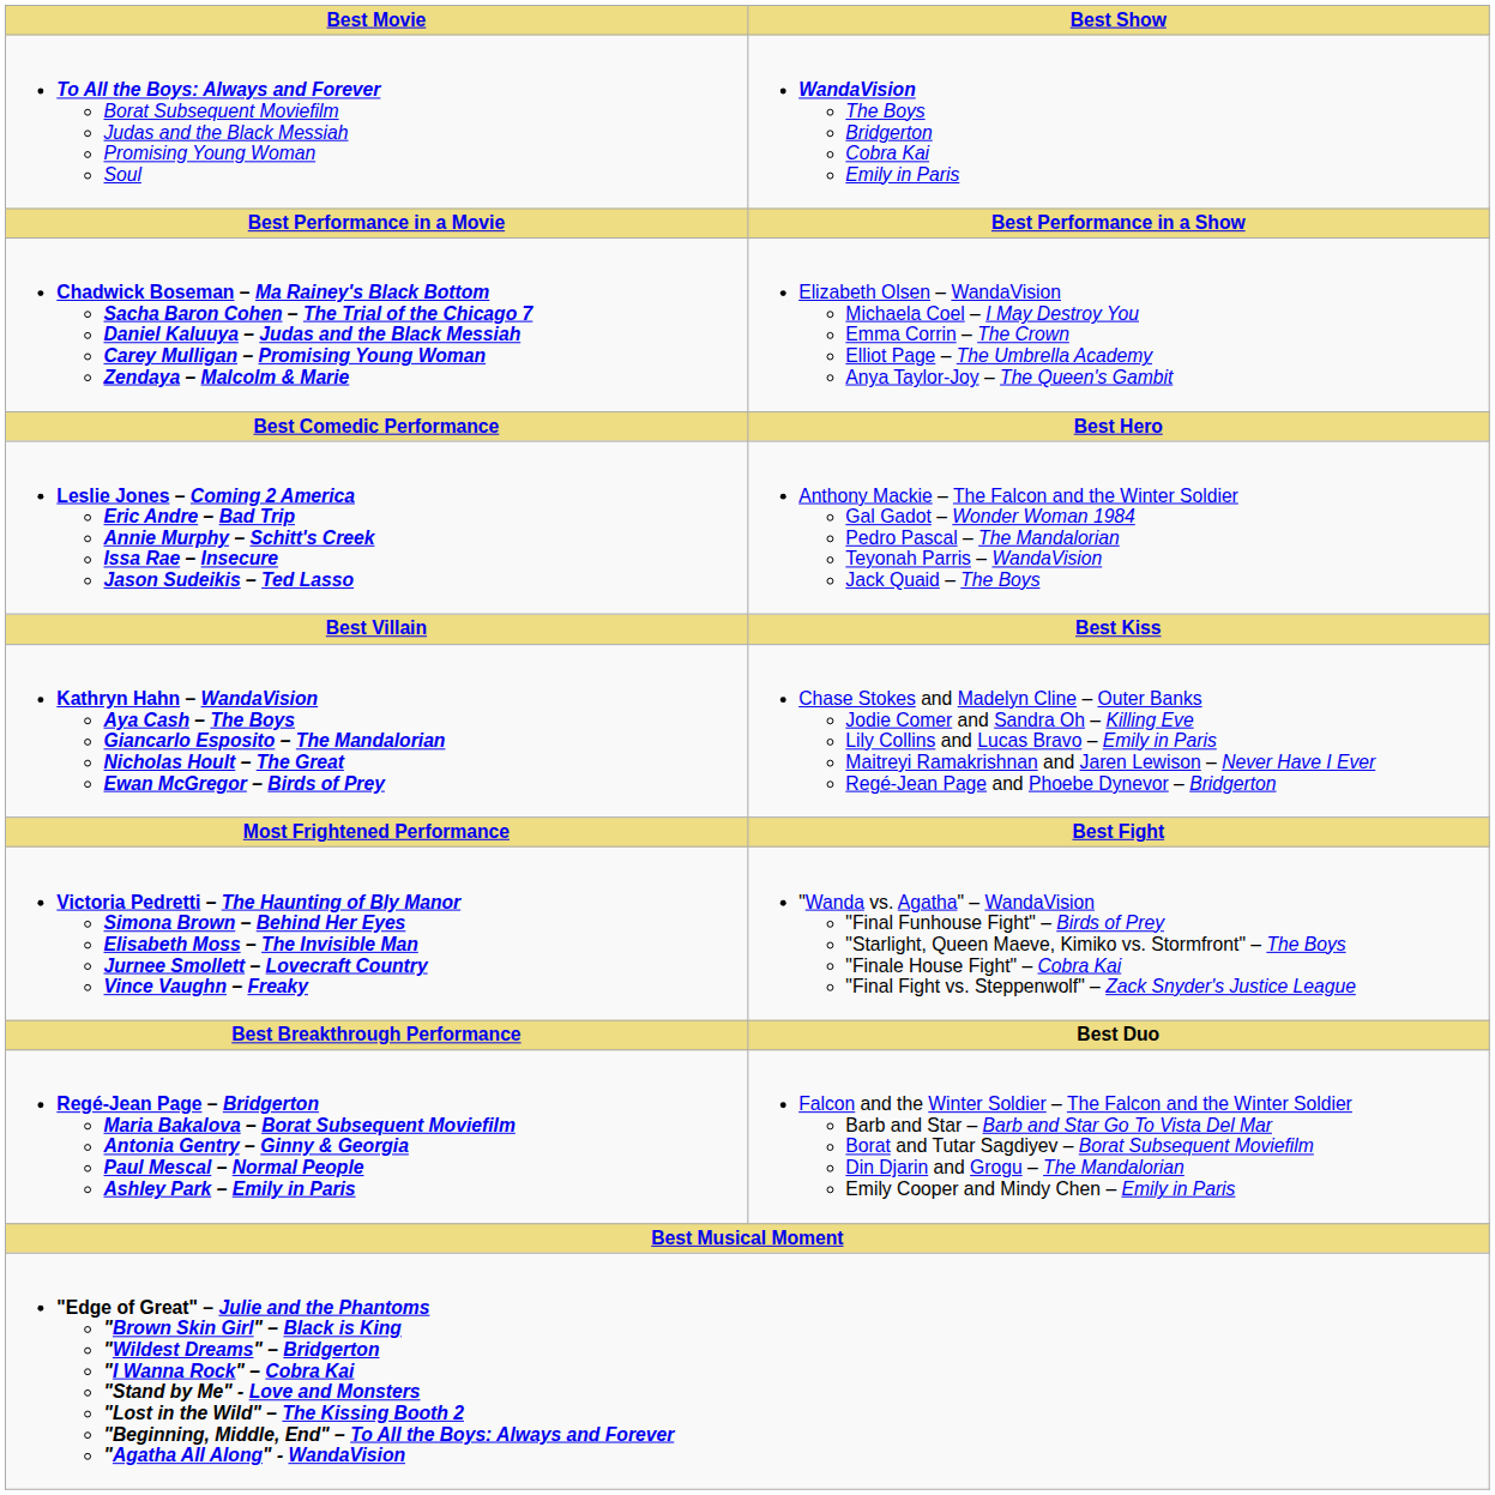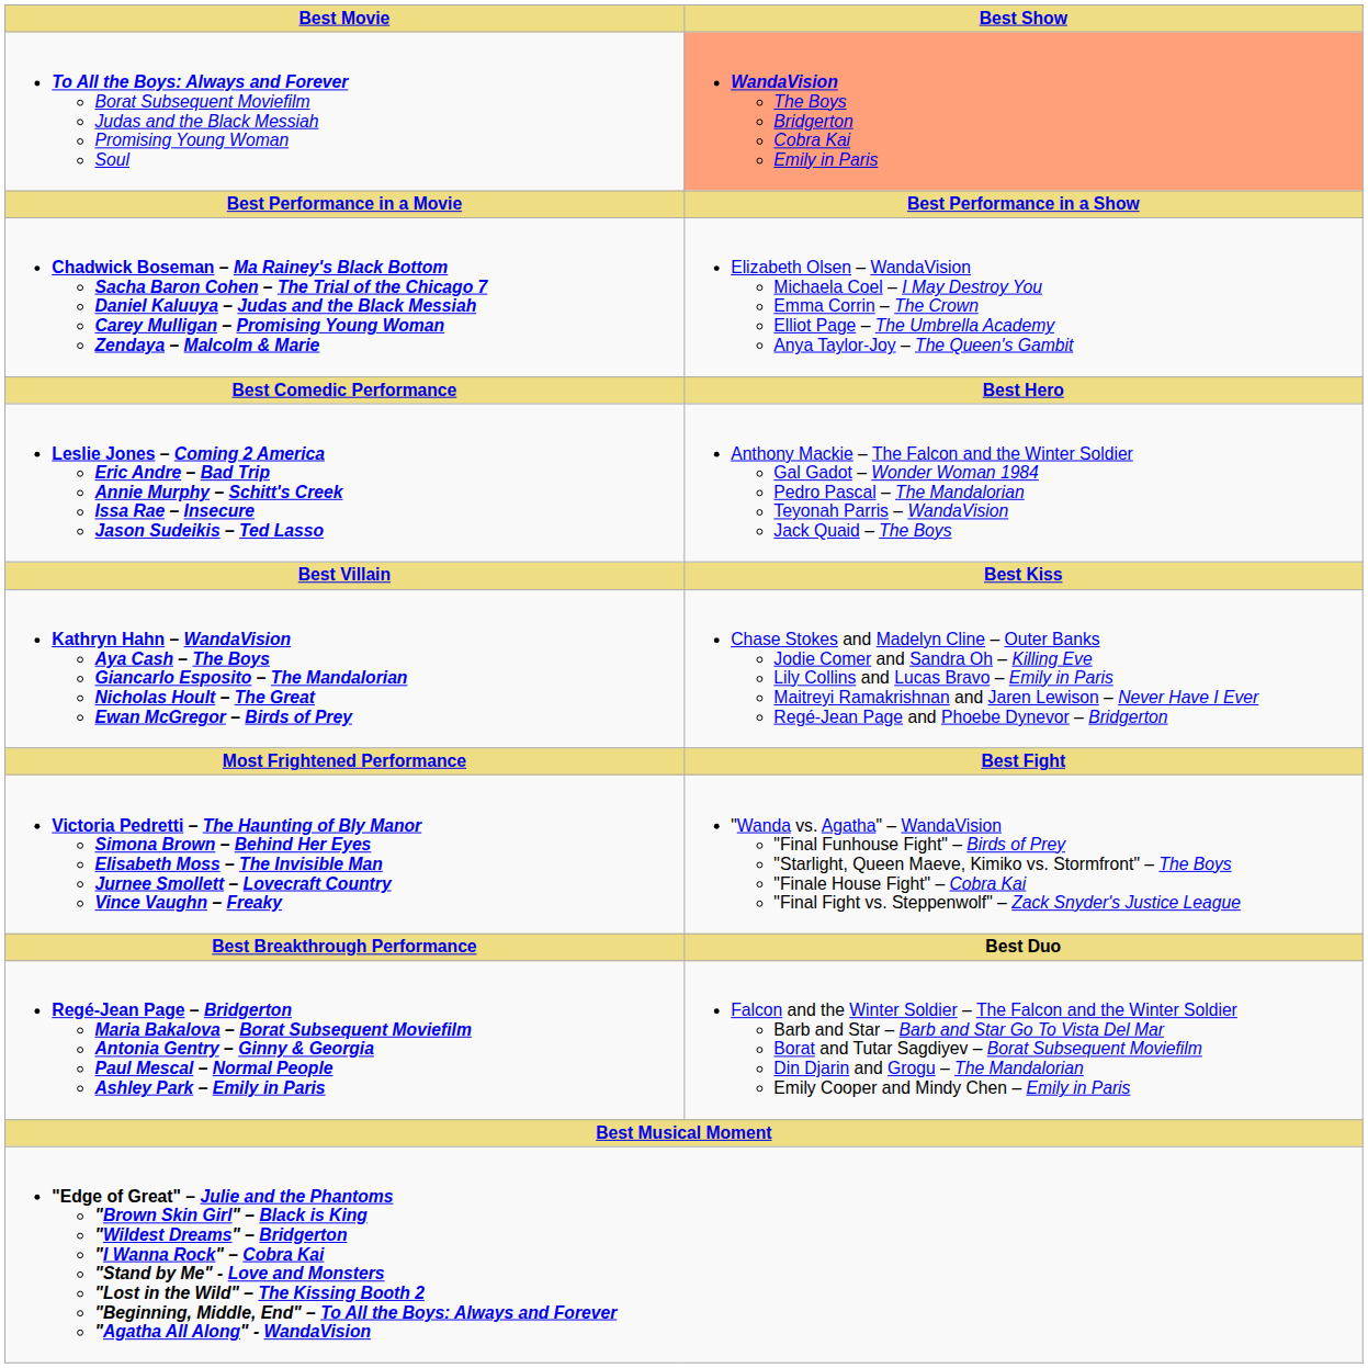 <table class="wikitable" style="width:100%">
 <tr>
 <th style="background:#EEDD82; width:50%"><a href='#'>Best Movie</a></th>
 <th style="background:#EEDD82; width:50%"><a href='#'>Best Show</a></th>
 </tr>
 <tr>
 <td valign="top"><br><ul><li><strong><em><a href='#'>To All the Boys: Always and Forever</a></em></strong><ul><li><em><a href='#'>Borat Subsequent Moviefilm</a></em></li><li><em><a href='#'>Judas and the Black Messiah</a></em></li><li><em><a href='#'>Promising Young Woman</a></em></li><li><em><a href='#'>Soul</a></em></li></ul></li></ul></td>
-<td valign="top"><br><ul><li><strong><em><a href='#'>WandaVision</a></em></strong><ul><li><em><a href='#'>The Boys</a></em></li><li><em><a href='#'>Bridgerton</a></em></li><li><em><a href='#'>Cobra Kai</a></em></li><li><em><a href='#'>Emily in Paris</a></em></li></ul></li></ul></td>
+<td valign="top" style="background: lightsalmon;"><br><ul><li><strong><em><a href='#'>WandaVision</a></em></strong><ul><li><em><a href='#'>The Boys</a></em></li><li><em><a href='#'>Bridgerton</a></em></li><li><em><a href='#'>Cobra Kai</a></em></li><li><em><a href='#'>Emily in Paris</a></em></li></ul></li></ul></td>
 </tr>
 <tr>
 <th style="background:#EEDD82; width:50%"><a href='#'>Best Performance in a Movie</a></th>
 <th style="background:#EEDD82; width:50%"><a href='#'>Best Performance in a Show</a></th>
 </tr>
 <tr>
 <td valign="top"><br><ul><li><strong><a href='#'>Chadwick Boseman</a> – <em><a href='#'>Ma Rainey's Black Bottom</a><strong><em><ul><li><a href='#'>Sacha Baron Cohen</a> – </em><a href='#'>The Trial of the Chicago 7</a><em></li><li><a href='#'>Daniel Kaluuya</a> – </em><a href='#'>Judas and the Black Messiah</a><em></li><li><a href='#'>Carey Mulligan</a> – </em><a href='#'>Promising Young Woman</a><em></li><li><a href='#'>Zendaya</a> – </em><a href='#'>Malcolm & Marie</a><em></li></ul></li></ul></td>
 <td valign="top"><br><ul><li></strong><a href='#'>Elizabeth Olsen</a> – </em><a href='#'>WandaVision</a></em></strong><ul><li><a href='#'>Michaela Coel</a> – <em><a href='#'>I May Destroy You</a></em></li><li><a href='#'>Emma Corrin</a> – <em><a href='#'>The Crown</a></em></li><li><a href='#'>Elliot Page</a> – <em><a href='#'>The Umbrella Academy</a></em></li><li><a href='#'>Anya Taylor-Joy</a> – <em><a href='#'>The Queen's Gambit</a></em></li></ul></li></ul></td>
 </tr>
 <tr>
 <th style="background:#EEDD82; width:50%"><a href='#'>Best Comedic Performance</a></th>
 <th style="background:#EEDD82; width:50%"><a href='#'>Best Hero</a></th>
 </tr>
 <tr>
 <td valign="top"><br><ul><li><strong><a href='#'>Leslie Jones</a> – <em><a href='#'>Coming 2 America</a><strong><em><ul><li><a href='#'>Eric Andre</a> – </em><a href='#'>Bad Trip</a><em></li><li><a href='#'>Annie Murphy</a> – </em><a href='#'>Schitt's Creek</a><em></li><li><a href='#'>Issa Rae</a> – </em><a href='#'>Insecure</a><em></li><li><a href='#'>Jason Sudeikis</a> – </em><a href='#'>Ted Lasso</a><em></li></ul></li></ul></td>
 <td valign="top"><br><ul><li></strong><a href='#'>Anthony Mackie</a> – </em><a href='#'>The Falcon and the Winter Soldier</a></em></strong><ul><li><a href='#'>Gal Gadot</a> – <em><a href='#'>Wonder Woman 1984</a></em></li><li><a href='#'>Pedro Pascal</a> – <em><a href='#'>The Mandalorian</a></em></li><li><a href='#'>Teyonah Parris</a> – <em><a href='#'>WandaVision</a></em></li><li><a href='#'>Jack Quaid</a> – <em><a href='#'>The Boys</a></em></li></ul></li></ul></td>
 </tr>
 <tr>
 <th style="background:#EEDD82; width:50%"><a href='#'>Best Villain</a></th>
 <th style="background:#EEDD82; width:50%"><a href='#'>Best Kiss</a></th>
 </tr>
 <tr>
 <td valign="top"><br><ul><li><strong><a href='#'>Kathryn Hahn</a> – <em><a href='#'>WandaVision</a><strong><em><ul><li><a href='#'>Aya Cash</a> – </em><a href='#'>The Boys</a><em></li><li><a href='#'>Giancarlo Esposito</a> – </em><a href='#'>The Mandalorian</a><em></li><li><a href='#'>Nicholas Hoult</a> – </em><a href='#'>The Great</a><em></li><li><a href='#'>Ewan McGregor</a> – </em><a href='#'>Birds of Prey</a><em></li></ul></li></ul></td>
 <td valign="top"><br><ul><li></strong><a href='#'>Chase Stokes</a> and <a href='#'>Madelyn Cline</a> – </em><a href='#'>Outer Banks</a></em></strong><ul><li><a href='#'>Jodie Comer</a> and <a href='#'>Sandra Oh</a> – <em><a href='#'>Killing Eve</a></em></li><li><a href='#'>Lily Collins</a> and <a href='#'>Lucas Bravo</a> – <em><a href='#'>Emily in Paris</a></em></li><li><a href='#'>Maitreyi Ramakrishnan</a> and <a href='#'>Jaren Lewison</a> – <em><a href='#'>Never Have I Ever</a></em></li><li><a href='#'>Regé-Jean Page</a> and <a href='#'>Phoebe Dynevor</a> – <em><a href='#'>Bridgerton</a></em></li></ul></li></ul></td>
 </tr>
 <tr>
 <th style="background:#EEDD82; width:50%"><a href='#'>Most Frightened Performance</a></th>
 <th style="background:#EEDD82; width:50%"><a href='#'>Best Fight</a></th>
 </tr>
 <tr>
 <td valign="top"><br><ul><li><strong><a href='#'>Victoria Pedretti</a> <em>– <a href='#'>The Haunting of Bly Manor</a><strong><em><ul><li><a href='#'>Simona Brown</a> </em>– <a href='#'>Behind Her Eyes</a><em></li><li><a href='#'>Elisabeth Moss</a> – </em><a href='#'>The Invisible Man</a><em></li><li><a href='#'>Jurnee Smollett</a> </em>– <a href='#'>Lovecraft Country</a><em></li><li><a href='#'>Vince Vaughn</a> </em>– <a href='#'>Freaky</a><em></li></ul></li></ul></td>
 <td valign="top"><br><ul><li></strong>"<a href='#'>Wanda</a> vs. <a href='#'>Agatha</a>" – </em><a href='#'>WandaVision</a></em></strong><ul><li>"Final Funhouse Fight" – <em><a href='#'>Birds of Prey</a></em></li><li>"Starlight, Queen Maeve, Kimiko vs. Stormfront" – <em><a href='#'>The Boys</a></em></li><li>"Finale House Fight" – <em><a href='#'>Cobra Kai</a></em></li><li>"Final Fight vs. Steppenwolf" –  <em><a href='#'>Zack Snyder's Justice League</a></em></li></ul></li></ul></td>
 </tr>
 <tr>
 <th style="background:#EEDD82; width:50%"><a href='#'>Best Breakthrough Performance</a></th>
 <th style="background:#EEDD82; width:50%">Best Duo</th>
 </tr>
 <tr>
 <td valign="top"><br><ul><li><strong><a href='#'>Regé-Jean Page</a> – <em><a href='#'>Bridgerton</a><strong><em><ul><li><a href='#'>Maria Bakalova</a> – </em><a href='#'>Borat Subsequent Moviefilm</a><em></li><li><a href='#'>Antonia Gentry</a> – </em><a href='#'>Ginny & Georgia</a><em></li><li><a href='#'>Paul Mescal</a> – </em><a href='#'>Normal People</a><em></li><li><a href='#'>Ashley Park</a> – </em><a href='#'>Emily in Paris</a><em></li></ul></li></ul></td>
 <td valign="top"><br><ul><li></strong><a href='#'>Falcon</a> and the <a href='#'>Winter Soldier</a> – </em><a href='#'>The Falcon and the Winter Soldier</a></em></strong><ul><li>Barb and Star – <em><a href='#'>Barb and Star Go To Vista Del Mar</a></em></li><li><a href='#'>Borat</a> and Tutar Sagdiyev – <em><a href='#'>Borat Subsequent Moviefilm</a></em></li><li><a href='#'>Din Djarin</a> and <a href='#'>Grogu</a> – <em><a href='#'>The Mandalorian</a></em></li><li>Emily Cooper and Mindy Chen – <em><a href='#'>Emily in Paris</a></em></li></ul></li></ul></td>
 </tr>
 <tr>
 <th colspan="2" style="background:#EEDD82;"><a href='#'>Best Musical Moment</a></th>
 </tr>
 <tr>
 <td colspan="2"><br><ul><li><strong>"Edge of Great" – <em><a href='#'>Julie and the Phantoms</a><strong><em><ul><li>"<a href='#'>Brown Skin Girl</a>" – </em><a href='#'>Black is King</a><em></li><li>"<a href='#'>Wildest Dreams</a>" – </em><a href='#'>Bridgerton</a><em></li><li>"<a href='#'>I Wanna Rock</a>" – </em><a href='#'>Cobra Kai</a><em></li><li>"Stand by Me" - </em><a href='#'>Love and Monsters</a><em></li><li>"Lost in the Wild" – </em><a href='#'>The Kissing Booth 2</a><em></li><li>"Beginning, Middle, End" – </em><a href='#'>To All the Boys: Always and Forever</a><em></li><li>"<a href='#'>Agatha All Along</a>" </em>- <a href='#'>WandaVision</a><em></li></ul></li></ul></td>
 </tr>
 </table>
